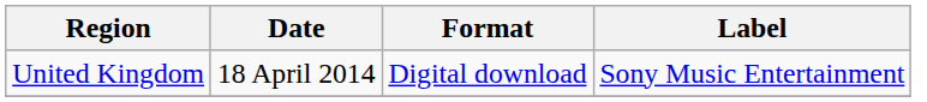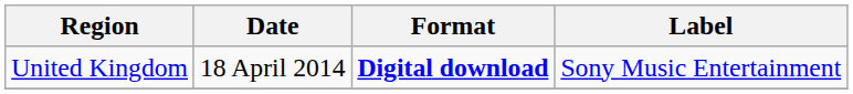 <table class=wikitable>
 <tr>
 <th>Region</th>
 <th>Date</th>
 <th>Format</th>
 <th>Label</th>
 </tr>
 <tr>
 <td><a href='#'>United Kingdom</a></td>
 <td>18 April 2014</td>
-<td><a href='#'>Digital download</a></td>
+<td><strong><a href='#'>Digital download</a></strong></td>
 <td><a href='#'>Sony Music Entertainment</a></td>
 </tr>
 <tr>
 </tr>
 </table>
